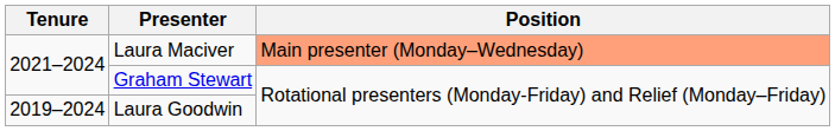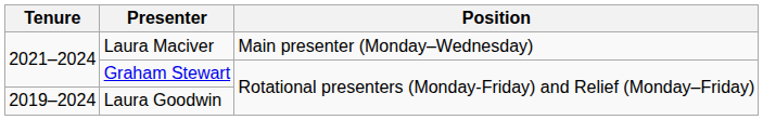 <table class="wikitable">
 <tr>
 <th>Tenure</th>
 <th>Presenter</th>
 <th>Position</th>
 </tr>
 <tr>
 <td rowspan="2">2021–2024</td>
 <td>Laura Maciver</td>
-<td style="background: lightsalmon;">Main presenter (Monday–Wednesday)</td>
+<td>Main presenter (Monday–Wednesday)</td>
 </tr>
 <tr>
 <td><a href='#'>Graham Stewart</a></td>
 <td rowspan="2">Rotational presenters (Monday-Friday) and Relief (Monday–Friday)</td>
 </tr>
 <tr>
 <td rowspan="2">2019–2024</td>
 <td>Laura Goodwin</td>
 </tr>
 </table>
